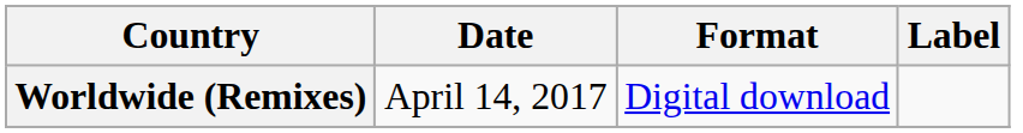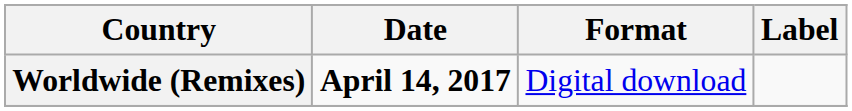 <table class="wikitable plainrowheaders">
 <tr>
 <th scope="col">Country</th>
 <th scope="col">Date</th>
 <th scope="col">Format</th>
 <th scope="col">Label</th>
 </tr>
 <tr>
 <th scope="row">Worldwide (Remixes)</th>
-<td>April 14, 2017</td>
+<td><strong>April 14, 2017</strong></td>
 <td><a href='#'>Digital download</a></td>
 <td></td>
 </tr>
 <tr>
 </tr>
 </table>
